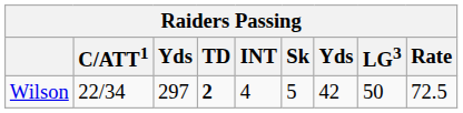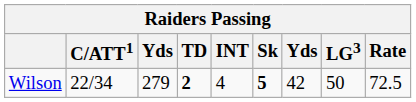 <table class="wikitable">
 <tr>
 <th colspan="9">Raiders Passing</th>
 </tr>
 <tr>
 <th></th>
 <th>C/ATT<sup>1</sup></th>
 <th>Yds</th>
 <th>TD</th>
 <th>INT</th>
 <th>Sk</th>
 <th>Yds</th>
 <th>LG<sup>3</sup></th>
 <th>Rate</th>
 </tr>
 <tr>
 <td><a href='#'>Wilson</a></td>
 <td>22/34</td>
-<td>297</td>
+<td>279</td>
 <td><strong>2</strong></td>
 <td>4</td>
-<td>5</td>
+<td><strong>5</strong></td>
 <td>42</td>
 <td>50</td>
 <td>72.5</td>
 </tr>
 </table>
